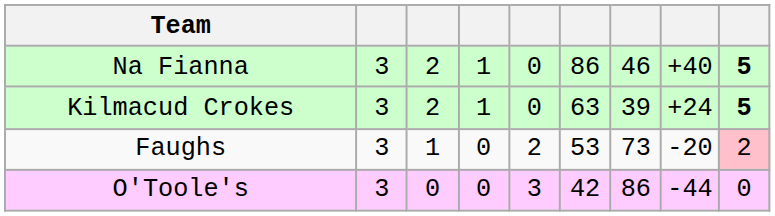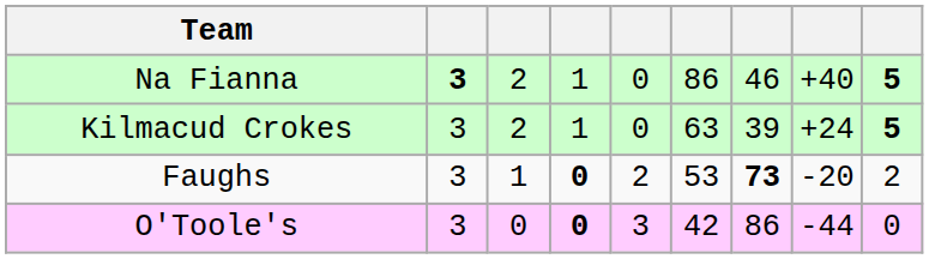 <table class="wikitable" style="text-align:center">
 <tr>
 <th style="width:175px;">Team</th>
 <th width="20"></th>
 <th width="20"></th>
 <th width="20"></th>
 <th width="20"></th>
 <th width="20"></th>
 <th width="20"></th>
 <th width="20"></th>
 <th width="20"></th>
 </tr>
 <tr style="background:#cfc;">
 <td>Na Fianna</td>
-<td>3</td>
+<td><strong>3</strong></td>
 <td>2</td>
 <td>1</td>
 <td>0</td>
 <td>86</td>
 <td>46</td>
 <td>+40</td>
 <td><strong>5</strong></td>
 </tr>
 <tr style="background:#cfc;">
 <td>Kilmacud Crokes</td>
 <td>3</td>
 <td>2</td>
 <td>1</td>
 <td>0</td>
 <td>63</td>
 <td>39</td>
 <td>+24</td>
 <td><strong>5</strong></td>
 </tr>
 <tr>
 <td>Faughs</td>
 <td>3</td>
 <td>1</td>
-<td>0</td>
+<td><strong>0</strong></td>
 <td>2</td>
 <td>53</td>
-<td>73</td>
+<td><strong>73</strong></td>
 <td>-20</td>
-<td style="background: pink;">2</td>
+<td>2</td>
 </tr>
 <tr style="background:#fcf;">
 <td>O'Toole's</td>
 <td>3</td>
 <td>0</td>
-<td>0</td>
+<td><strong>0</strong></td>
 <td>3</td>
 <td>42</td>
 <td>86</td>
 <td>-44</td>
 <td>0</td>
 </tr>
 </table>
